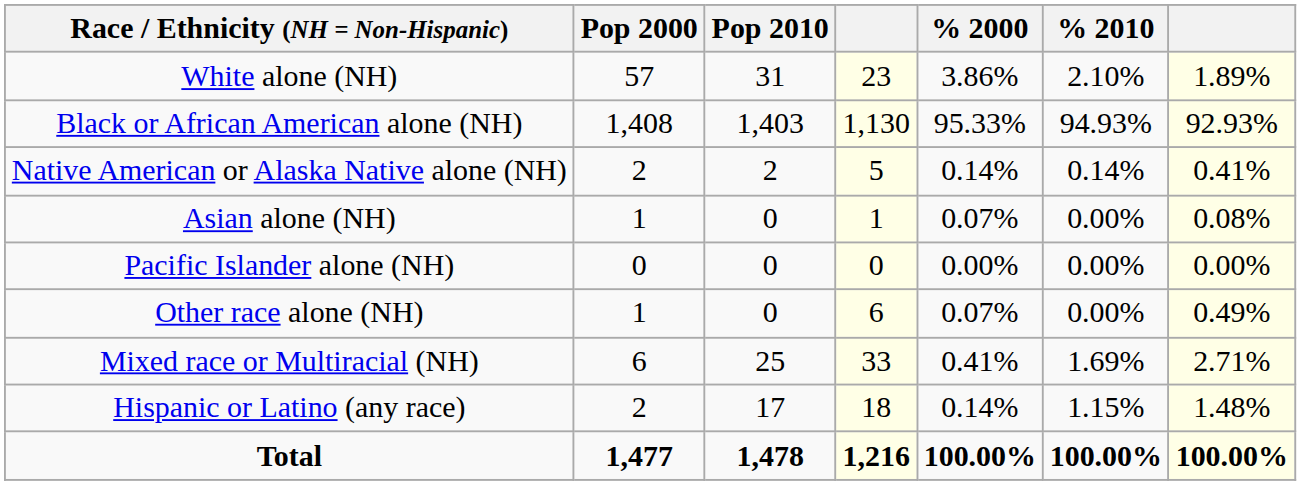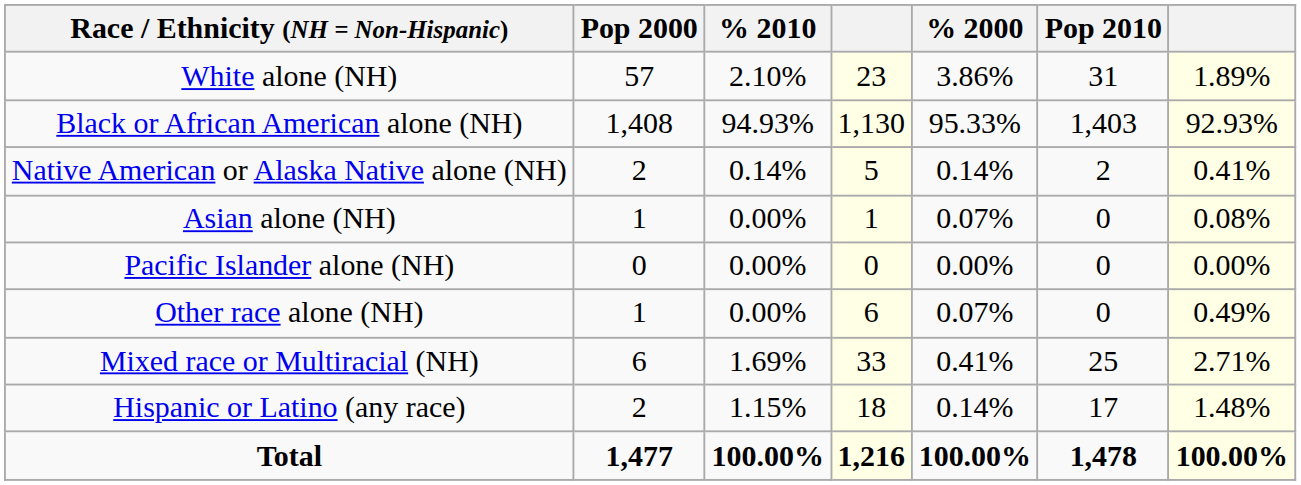 <table class="wikitable" style="text-align:center;">
 <tr>
 <th>Race / Ethnicity <small>(<em>NH = Non-Hispanic</em>)</small></th>
 <th>Pop 2000</th>
-<th>Pop 2010</th>
+<th>% 2010</th>
 <th></th>
 <th>% 2000</th>
-<th>% 2010</th>
+<th>Pop 2010</th>
 <th></th>
 </tr>
 <tr>
 <td><a href='#'>White</a> alone (NH)</td>
 <td>57</td>
-<td>31</td>
+<td>2.10%</td>
 <td style='background: #ffffe6;'>23</td>
 <td>3.86%</td>
-<td>2.10%</td>
+<td>31</td>
 <td style='background: #ffffe6;'>1.89%</td>
 </tr>
 <tr>
 <td><a href='#'>Black or African American</a> alone (NH)</td>
 <td>1,408</td>
-<td>1,403</td>
+<td>94.93%</td>
 <td style='background: #ffffe6;'>1,130</td>
 <td>95.33%</td>
-<td>94.93%</td>
+<td>1,403</td>
 <td style='background: #ffffe6;'>92.93%</td>
 </tr>
 <tr>
 <td><a href='#'>Native American</a> or <a href='#'>Alaska Native</a> alone (NH)</td>
 <td>2</td>
-<td>2</td>
+<td>0.14%</td>
 <td style='background: #ffffe6;'>5</td>
 <td>0.14%</td>
-<td>0.14%</td>
+<td>2</td>
 <td style='background: #ffffe6;'>0.41%</td>
 </tr>
 <tr>
 <td><a href='#'>Asian</a> alone (NH)</td>
 <td>1</td>
-<td>0</td>
+<td>0.00%</td>
 <td style='background: #ffffe6;'>1</td>
 <td>0.07%</td>
-<td>0.00%</td>
+<td>0</td>
 <td style='background: #ffffe6;'>0.08%</td>
 </tr>
 <tr>
 <td><a href='#'>Pacific Islander</a> alone (NH)</td>
 <td>0</td>
-<td>0</td>
+<td>0.00%</td>
 <td style='background: #ffffe6;'>0</td>
 <td>0.00%</td>
-<td>0.00%</td>
+<td>0</td>
 <td style='background: #ffffe6;'>0.00%</td>
 </tr>
 <tr>
 <td><a href='#'>Other race</a> alone (NH)</td>
 <td>1</td>
-<td>0</td>
+<td>0.00%</td>
 <td style='background: #ffffe6;'>6</td>
 <td>0.07%</td>
-<td>0.00%</td>
+<td>0</td>
 <td style='background: #ffffe6;'>0.49%</td>
 </tr>
 <tr>
 <td><a href='#'>Mixed race or Multiracial</a> (NH)</td>
 <td>6</td>
-<td>25</td>
+<td>1.69%</td>
 <td style='background: #ffffe6;'>33</td>
 <td>0.41%</td>
-<td>1.69%</td>
+<td>25</td>
 <td style='background: #ffffe6;'>2.71%</td>
 </tr>
 <tr>
 <td><a href='#'>Hispanic or Latino</a> (any race)</td>
 <td>2</td>
-<td>17</td>
+<td>1.15%</td>
 <td style='background: #ffffe6;'>18</td>
 <td>0.14%</td>
-<td>1.15%</td>
+<td>17</td>
 <td style='background: #ffffe6;'>1.48%</td>
 </tr>
 <tr>
 <td><strong>Total</strong></td>
 <td><strong>1,477</strong></td>
-<td><strong>1,478</strong></td>
+<td><strong>100.00%</strong></td>
 <td style='background: #ffffe6;'><strong>1,216</strong></td>
 <td><strong>100.00%</strong></td>
-<td><strong>100.00%</strong></td>
+<td><strong>1,478</strong></td>
 <td style='background: #ffffe6;'><strong>100.00%</strong></td>
 </tr>
 </table>
